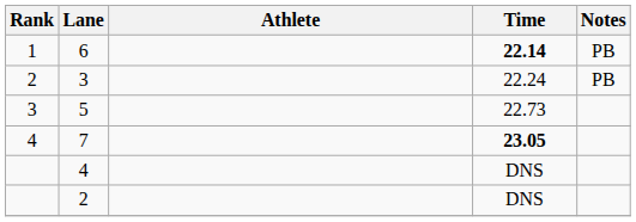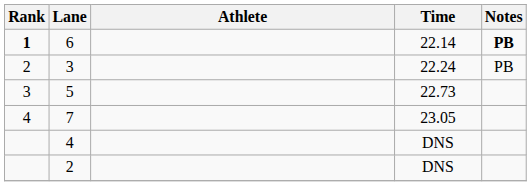 <table class="wikitable" style="text-align:center">
 <tr>
 <th>Rank</th>
 <th>Lane</th>
 <th width=300>Athlete</th>
 <th width=80>Time</th>
 <th>Notes</th>
 </tr>
 <tr>
-<td>1</td>
+<td><strong>1</strong></td>
 <td>6</td>
 <td align=left></td>
-<td><strong>22.14</strong></td>
-<td>PB</td>
+<td>22.14</td>
+<td><strong>PB</strong></td>
 </tr>
 <tr>
 <td>2</td>
 <td>3</td>
 <td align=left></td>
 <td>22.24</td>
 <td>PB</td>
 </tr>
 <tr>
 <td>3</td>
 <td>5</td>
 <td align=left></td>
 <td>22.73</td>
 <td></td>
 </tr>
 <tr>
 <td>4</td>
 <td>7</td>
 <td align=left></td>
-<td><strong>23.05</strong></td>
+<td>23.05</td>
 <td></td>
 </tr>
 <tr>
 <td></td>
 <td>4</td>
 <td align=left></td>
 <td>DNS</td>
 <td></td>
 </tr>
 <tr>
 <td></td>
 <td>2</td>
 <td align=left></td>
 <td>DNS</td>
 <td></td>
 </tr>
 <tr>
 </tr>
 </table>
